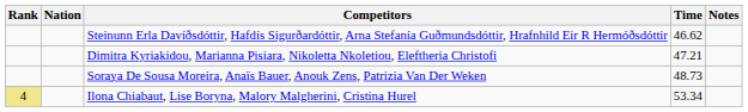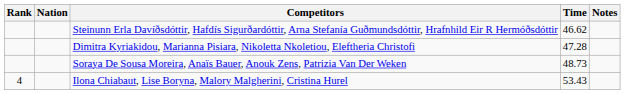 <table class="wikitable sortable" style="text-align:center">
 <tr>
 <th>Rank</th>
 <th>Nation</th>
 <th>Competitors</th>
 <th>Time</th>
 <th>Notes</th>
 </tr>
 <tr>
 <td></td>
 <td align="left"></td>
 <td align="left"><a href='#'>Steinunn Erla Davíðsdóttir</a>, <a href='#'>Hafdís Sigurðardóttir</a>, <a href='#'>Arna Stefanía Guðmundsdóttir</a>, <a href='#'>Hrafnhild Eir R Hermóðsdóttir</a></td>
 <td>46.62</td>
 <td></td>
 </tr>
 <tr>
 <td></td>
 <td align="left"></td>
 <td align="left"><a href='#'>Dimitra Kyriakidou</a>, <a href='#'>Marianna Pisiara</a>, <a href='#'>Nikoletta Nkoletiou</a>, <a href='#'>Eleftheria Christofi</a></td>
-<td>47.21</td>
+<td>47.28</td>
 <td></td>
 </tr>
 <tr>
 <td></td>
 <td align="left"></td>
 <td align="left"><a href='#'>Soraya De Sousa Moreira</a>, <a href='#'>Anaïs Bauer</a>, <a href='#'>Anouk Zens</a>, <a href='#'>Patrizia Van Der Weken</a></td>
 <td>48.73</td>
 <td></td>
 </tr>
 <tr>
-<td style="background: khaki;">4</td>
+<td>4</td>
 <td align="left"></td>
 <td align="left"><a href='#'>Ilona Chiabaut</a>, <a href='#'>Lise Boryna</a>, <a href='#'>Malory Malgherini</a>, <a href='#'>Cristina Hurel</a></td>
-<td>53.34</td>
+<td>53.43</td>
 <td></td>
 </tr>
 </table>
